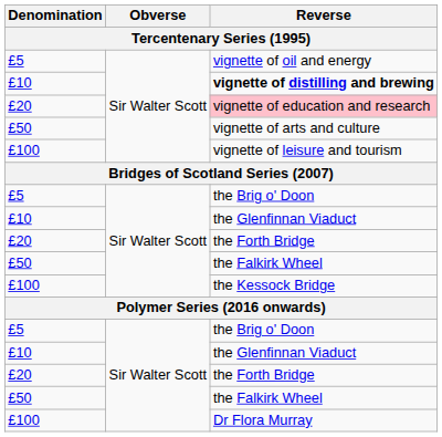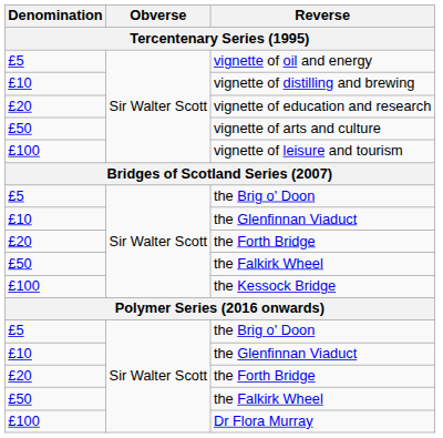 <table class="wikitable">
 <tr>
 <th>Denomination</th>
 <th>Obverse</th>
 <th>Reverse</th>
 </tr>
 <tr>
 <th colspan="3">Tercentenary Series (1995)</th>
 </tr>
 <tr>
 <td><a href='#'>£5</a></td>
 <td rowspan="5">Sir Walter Scott</td>
 <td><a href='#'>vignette</a> of <a href='#'>oil</a> and energy</td>
 </tr>
 <tr>
 <td><a href='#'>£10</a></td>
-<td><strong>vignette of <a href='#'>distilling</a> and brewing</strong></td>
+<td>vignette of <a href='#'>distilling</a> and brewing</td>
 </tr>
 <tr>
 <td><a href='#'>£20</a></td>
-<td style="background: pink;">vignette of education and research</td>
+<td>vignette of education and research</td>
 </tr>
 <tr>
 <td><a href='#'>£50</a></td>
 <td>vignette of arts and culture</td>
 </tr>
 <tr>
 <td><a href='#'>£100</a></td>
 <td>vignette of <a href='#'>leisure</a> and tourism</td>
 </tr>
 <tr>
 <th colspan="3">Bridges of Scotland Series (2007)</th>
 </tr>
 <tr>
 <td><a href='#'>£5</a></td>
 <td rowspan="5">Sir Walter Scott</td>
 <td>the <a href='#'>Brig o' Doon</a></td>
 </tr>
 <tr>
 <td><a href='#'>£10</a></td>
 <td>the <a href='#'>Glenfinnan Viaduct</a></td>
 </tr>
 <tr>
 <td><a href='#'>£20</a></td>
 <td>the <a href='#'>Forth Bridge</a></td>
 </tr>
 <tr>
 <td><a href='#'>£50</a></td>
 <td>the <a href='#'>Falkirk Wheel</a></td>
 </tr>
 <tr>
 <td><a href='#'>£100</a></td>
 <td>the <a href='#'>Kessock Bridge</a></td>
 </tr>
 <tr>
 <th colspan="3">Polymer Series (2016 onwards)</th>
 </tr>
 <tr>
 <td><a href='#'>£5</a></td>
 <td rowspan="5">Sir Walter Scott</td>
 <td>the <a href='#'>Brig o' Doon</a></td>
 </tr>
 <tr>
 <td><a href='#'>£10</a></td>
 <td>the <a href='#'>Glenfinnan Viaduct</a></td>
 </tr>
 <tr>
 <td><a href='#'>£20</a></td>
 <td>the <a href='#'>Forth Bridge</a></td>
 </tr>
 <tr>
 <td><a href='#'>£50</a></td>
 <td>the <a href='#'>Falkirk Wheel</a></td>
 </tr>
 <tr>
 <td><a href='#'>£100</a></td>
 <td><a href='#'>Dr Flora Murray</a></td>
 </tr>
 </table>
